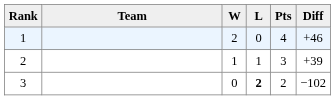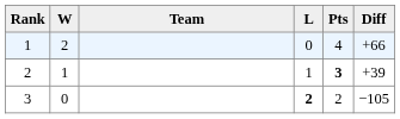 <table style=border-collapse:collapse border=1 cellspacing=0 cellpadding=5>
 <tr align=center bgcolor=#efefef>
 <th width=20>Rank</th>
+<th width=20>W</th>
 <th width=220>Team</th>
-<th width=20>W</th>
 <th width=20>L</th>
 <th width=20>Pts</th>
 <th width=25>Diff</th>
 </tr>
 <tr align=center bgcolor=#EBF5FF>
 <td>1</td>
+<td>2</td>
 <td align=left></td>
-<td>2</td>
 <td>0</td>
 <td>4</td>
-<td>+46</td>
+<td>+66</td>
 </tr>
 <tr align=center>
 <td>2</td>
+<td>1</td>
 <td align=left></td>
 <td>1</td>
-<td>1</td>
-<td>3</td>
+<td><strong>3</strong></td>
 <td>+39</td>
 </tr>
 <tr align=center>
 <td>3</td>
+<td>0</td>
 <td align=left></td>
-<td>0</td>
 <td><strong>2</strong></td>
 <td>2</td>
-<td>−102</td>
+<td>−105</td>
 </tr>
 </table>
